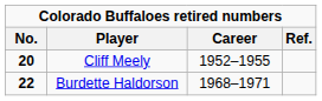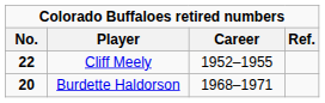 <table class="wikitable sortable" style="text-align:center">
 <tr>
 <td colspan=5><strong>Colorado Buffaloes retired numbers</strong></td>
 </tr>
 <tr>
 <th width=40px>No.</th>
 <th width=150px>Player</th>
 <th width=100px>Career</th>
 <th width=px>Ref.</th>
 </tr>
 <tr>
-<td><strong>20</strong></td>
+<td><strong>22</strong></td>
 <td><a href='#'>Cliff Meely</a></td>
 <td>1952–1955</td>
 <td></td>
 </tr>
 <tr>
-<td><strong>22</strong></td>
+<td><strong>20</strong></td>
 <td><a href='#'>Burdette Haldorson</a></td>
 <td>1968–1971</td>
 <td></td>
 </tr>
 </table>
